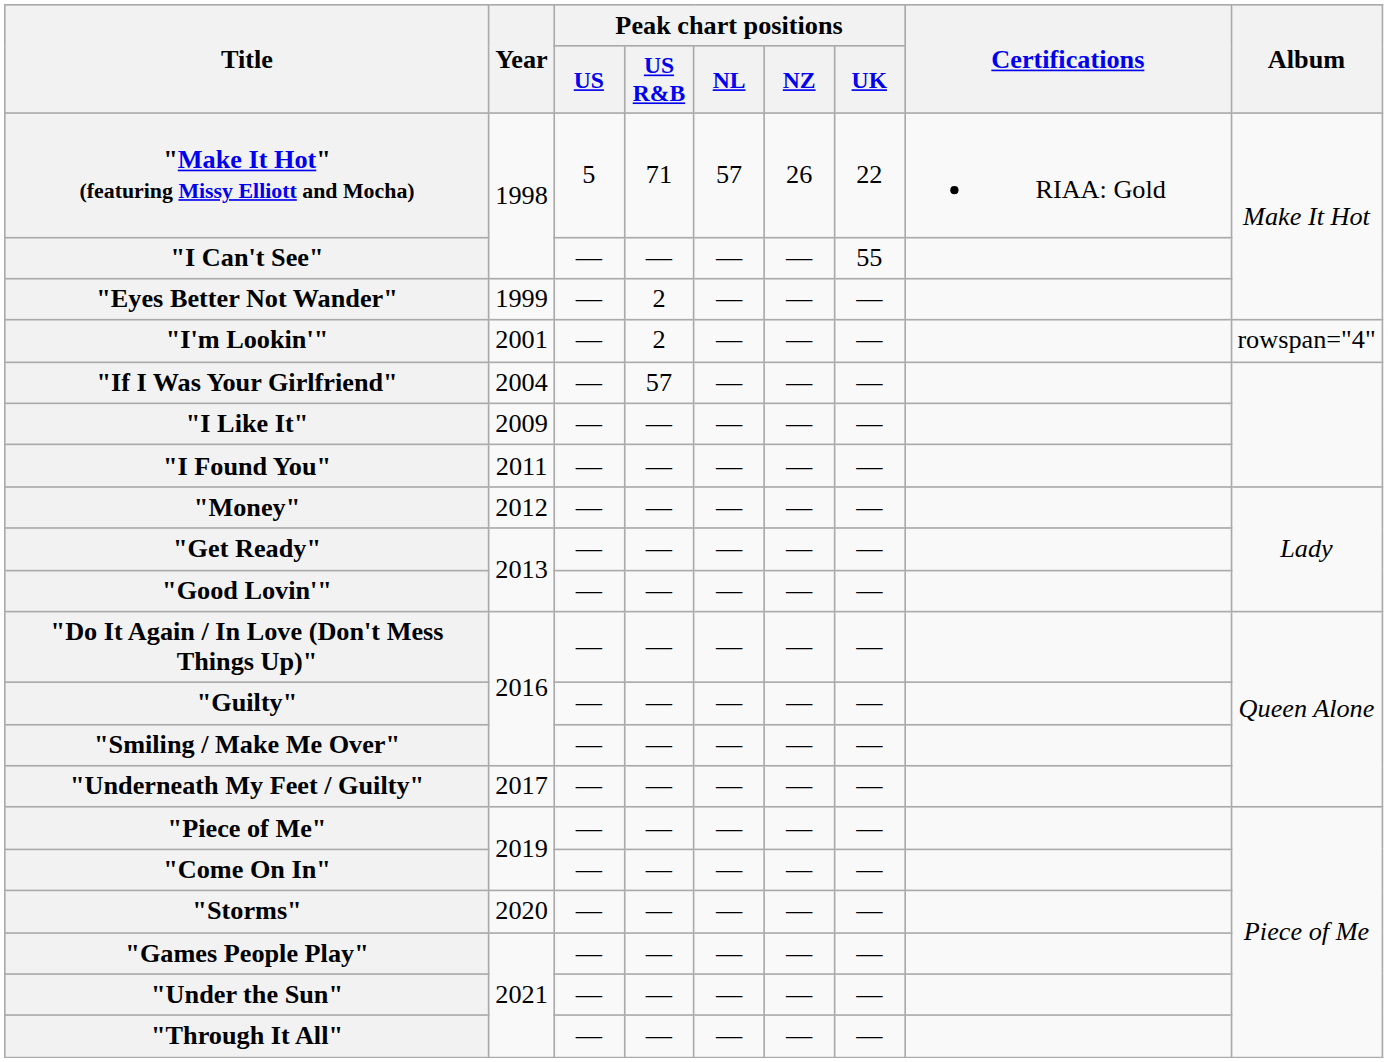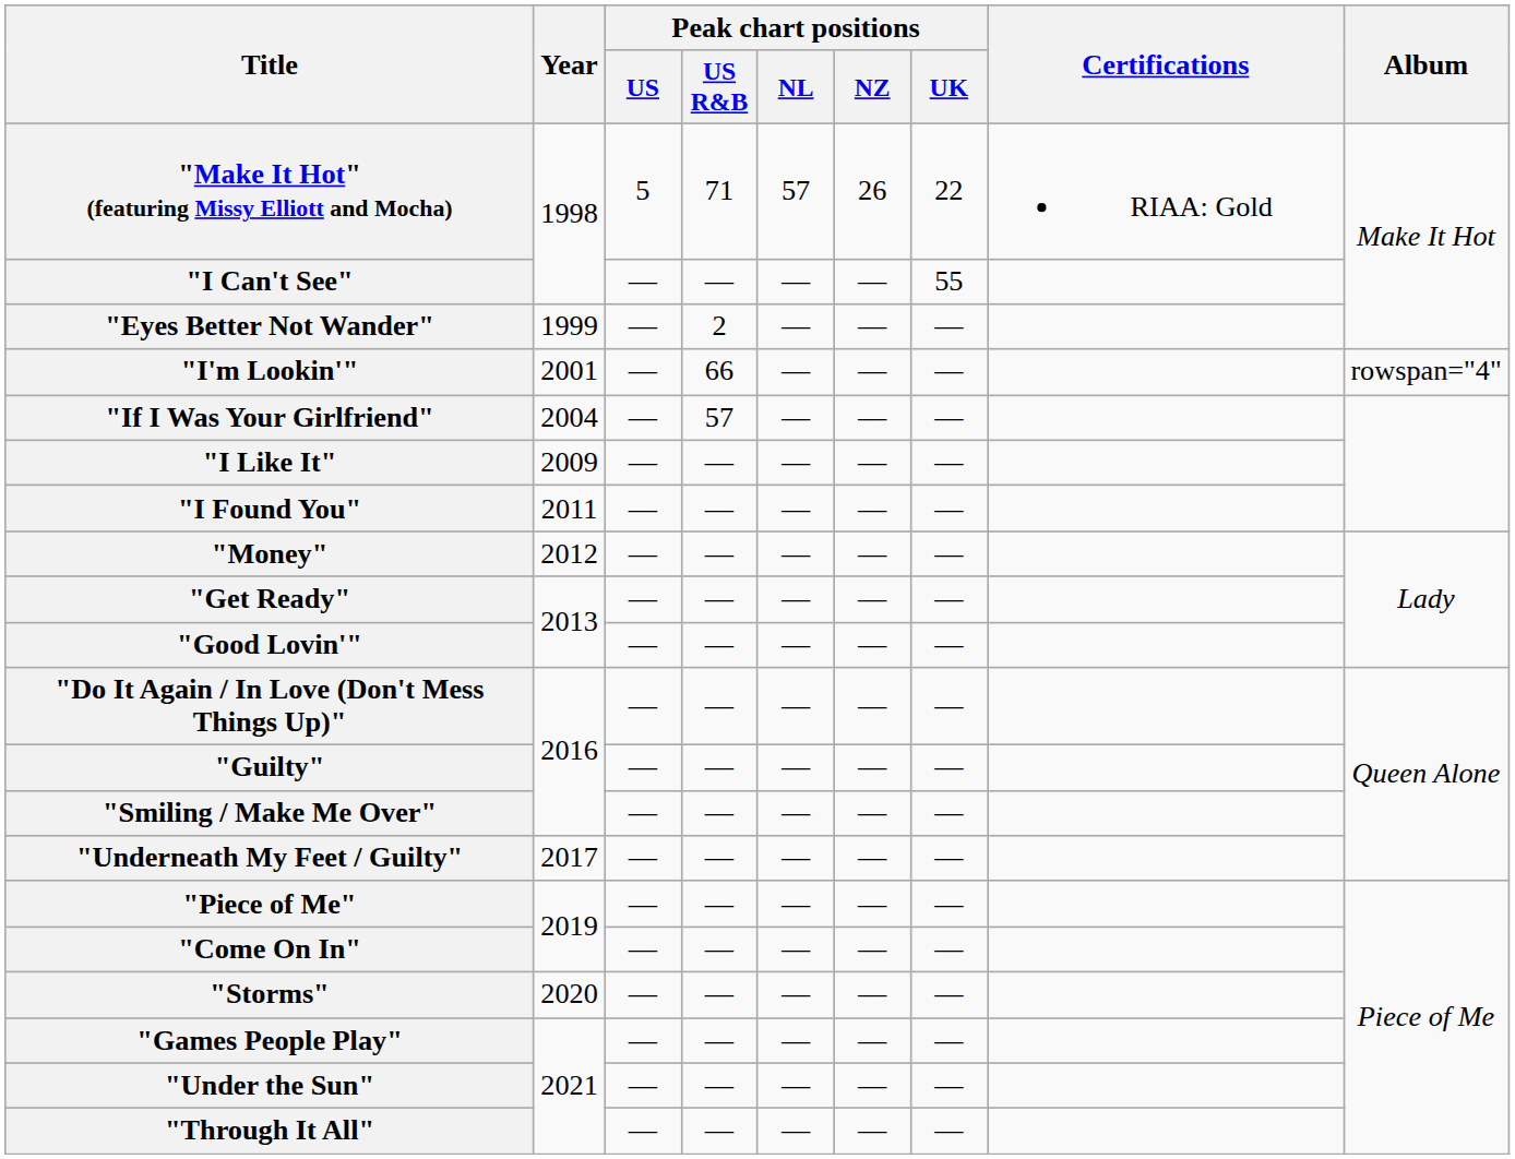 <table class="wikitable plainrowheaders" style="text-align:center;">
 <tr>
 <th scope="col" rowspan="2" style="width:18em;">Title</th>
 <th scope="col" rowspan="2">Year</th>
 <th scope="col" colspan="5">Peak chart positions</th>
 <th scope="col" rowspan="2" style="width:12em;"><a href='#'>Certifications</a></th>
 <th scope="col" rowspan="2">Album</th>
 </tr>
 <tr>
 <th style="width:2.5em; font-size:90%"><a href='#'>US</a><br></th>
 <th style="width:2.5em; font-size:90%"><a href='#'>US<br>R&B</a><br></th>
 <th style="width:2.5em; font-size:90%"><a href='#'>NL</a><br></th>
 <th style="width:2.5em; font-size:90%"><a href='#'>NZ</a><br></th>
 <th style="width:2.5em; font-size:90%"><a href='#'>UK</a><br></th>
 </tr>
 <tr>
 <th scope="row">"<a href='#'>Make It Hot</a>"<br><small>(featuring <a href='#'>Missy Elliott</a> and Mocha)</small></th>
 <td rowspan="2">1998</td>
 <td>5</td>
 <td>71</td>
 <td>57</td>
 <td>26</td>
 <td>22</td>
 <td><br><ul><li>RIAA: Gold</li></ul></td>
 <td rowspan="3"><em>Make It Hot</em></td>
 </tr>
 <tr>
 <th scope="row">"I Can't See"</th>
 <td>—</td>
 <td>—</td>
 <td>—</td>
 <td>—</td>
 <td>55</td>
 <td></td>
 </tr>
 <tr>
 <th scope="row">"Eyes Better Not Wander"</th>
 <td rowspan="1">1999</td>
 <td>—</td>
 <td>2</td>
 <td>—</td>
 <td>—</td>
 <td>—</td>
 <td></td>
 </tr>
 <tr>
 <th scope="row">"I'm Lookin'"</th>
 <td rowspan="1">2001</td>
 <td>—</td>
-<td>2</td>
+<td>66</td>
 <td>—</td>
 <td>—</td>
 <td>—</td>
 <td></td>
 <td>rowspan="4" </td>
 </tr>
 <tr>
 <th scope="row">"If I Was Your Girlfriend"</th>
 <td rowspan="1">2004</td>
 <td>—</td>
 <td>57</td>
 <td>—</td>
 <td>—</td>
 <td>—</td>
 <td></td>
 </tr>
 <tr>
 <th scope="row">"I Like It"</th>
 <td rowspan="1">2009</td>
 <td>—</td>
 <td>—</td>
 <td>—</td>
 <td>—</td>
 <td>—</td>
 <td></td>
 </tr>
 <tr>
 <th scope="row">"I Found You"</th>
 <td rowspan="1">2011</td>
 <td>—</td>
 <td>—</td>
 <td>—</td>
 <td>—</td>
 <td>—</td>
 <td></td>
 </tr>
 <tr>
 <th scope="row">"Money"</th>
 <td rowspan="1">2012</td>
 <td>—</td>
 <td>—</td>
 <td>—</td>
 <td>—</td>
 <td>—</td>
 <td></td>
 <td rowspan="3"><em>Lady</em></td>
 </tr>
 <tr>
 <th scope="row">"Get Ready"</th>
 <td rowspan="2">2013</td>
 <td>—</td>
 <td>—</td>
 <td>—</td>
 <td>—</td>
 <td>—</td>
 <td></td>
 </tr>
 <tr>
 <th scope="row">"Good Lovin'"</th>
 <td>—</td>
 <td>—</td>
 <td>—</td>
 <td>—</td>
 <td>—</td>
 <td></td>
 </tr>
 <tr>
 <th scope="row">"Do It Again / In Love (Don't Mess Things Up)"</th>
 <td rowspan="3">2016</td>
 <td>—</td>
 <td>—</td>
 <td>—</td>
 <td>—</td>
 <td>—</td>
 <td></td>
 <td rowspan="4"><em>Queen Alone</em></td>
 </tr>
 <tr>
 <th scope="row">"Guilty"</th>
 <td>—</td>
 <td>—</td>
 <td>—</td>
 <td>—</td>
 <td>—</td>
 <td></td>
 </tr>
 <tr>
 <th scope="row">"Smiling / Make Me Over"</th>
 <td>—</td>
 <td>—</td>
 <td>—</td>
 <td>—</td>
 <td>—</td>
 <td></td>
 </tr>
 <tr>
 <th scope="row">"Underneath My Feet / Guilty"</th>
 <td rowspan="1">2017</td>
 <td>—</td>
 <td>—</td>
 <td>—</td>
 <td>—</td>
 <td>—</td>
 <td></td>
 </tr>
 <tr>
 <th scope="row">"Piece of Me"</th>
 <td rowspan="2">2019</td>
 <td>—</td>
 <td>—</td>
 <td>—</td>
 <td>—</td>
 <td>—</td>
 <td></td>
 <td rowspan="6"><em>Piece of Me</em></td>
 </tr>
 <tr>
 <th scope="row">"Come On In"</th>
 <td>—</td>
 <td>—</td>
 <td>—</td>
 <td>—</td>
 <td>—</td>
 <td></td>
 </tr>
 <tr>
 <th scope="row">"Storms"</th>
 <td rowspan="1">2020</td>
 <td>—</td>
 <td>—</td>
 <td>—</td>
 <td>—</td>
 <td>—</td>
 <td></td>
 </tr>
 <tr>
 <th scope="row">"Games People Play"</th>
 <td rowspan="3">2021</td>
 <td>—</td>
 <td>—</td>
 <td>—</td>
 <td>—</td>
 <td>—</td>
 <td></td>
 </tr>
 <tr>
 <th scope="row">"Under the Sun"</th>
 <td>—</td>
 <td>—</td>
 <td>—</td>
 <td>—</td>
 <td>—</td>
 <td></td>
 </tr>
 <tr>
 <th scope="row">"Through It All"</th>
 <td>—</td>
 <td>—</td>
 <td>—</td>
 <td>—</td>
 <td>—</td>
 <td></td>
 </tr>
 <tr>
 </tr>
 </table>
